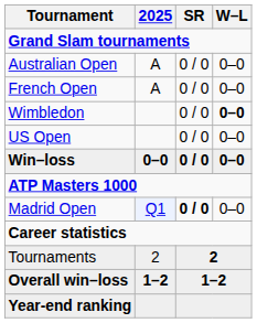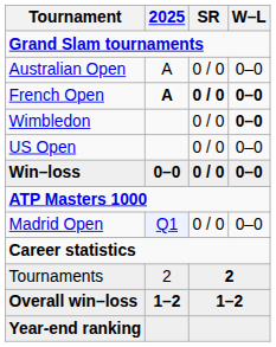 <table class=wikitable style=text-align:center>
 <tr>
 <th>Tournament</th>
 <th><a href='#'>2025</a></th>
 <th>SR</th>
 <th>W–L</th>
 </tr>
 <tr>
 <td colspan="4" align="left"><strong><a href='#'>Grand Slam tournaments</a></strong></td>
 </tr>
 <tr>
 <td align=left><a href='#'>Australian Open</a></td>
 <td>A</td>
 <td>0 / 0</td>
 <td>0–0</td>
 </tr>
 <tr>
 <td align=left><a href='#'>French Open</a></td>
-<td>A</td>
-<td>0 / 0</td>
-<td>0–0</td>
+<td><strong>A</strong></td>
+<td><strong>0 / 0</strong></td>
+<td><strong>0–0</strong></td>
 </tr>
 <tr>
 <td align=left><a href='#'>Wimbledon</a></td>
 <td></td>
 <td>0 / 0</td>
 <td><strong>0–0</strong></td>
 </tr>
 <tr>
 <td align=left><a href='#'>US Open</a></td>
 <td></td>
 <td>0 / 0</td>
 <td>0–0</td>
 </tr>
 <tr style="font-weight:bold; background:#efefef;">
 <td style=text-align:left>Win–loss</td>
 <td>0–0</td>
 <td>0 / 0</td>
 <td>0–0</td>
 </tr>
 <tr>
 <td colspan="4" align="left"><strong><a href='#'>ATP Masters 1000</a></strong></td>
 </tr>
 <tr>
 <td align=left><a href='#'>Madrid Open</a></td>
 <td bgcolor=ecf2ff><a href='#'>Q1</a></td>
-<td><strong>0 / 0</strong></td>
+<td>0 / 0</td>
 <td>0–0</td>
 </tr>
 <tr>
 <td colspan="4" align="left"><strong>Career statistics</strong></td>
 </tr>
 <tr bgcolor=efefef>
 <td align=left>Tournaments</td>
 <td>2</td>
 <td colspan="2"><strong>2</strong></td>
 </tr>
 <tr style="font-weight:bold; background:#efefef;">
 <td style=text-align:left>Overall win–loss</td>
 <td>1–2</td>
 <td colspan="2">1–2</td>
 </tr>
 <tr bgcolor=efefef>
 <td align=left><strong>Year-end ranking</strong></td>
 <td></td>
 <td colspan="2"></td>
 </tr>
 </table>
